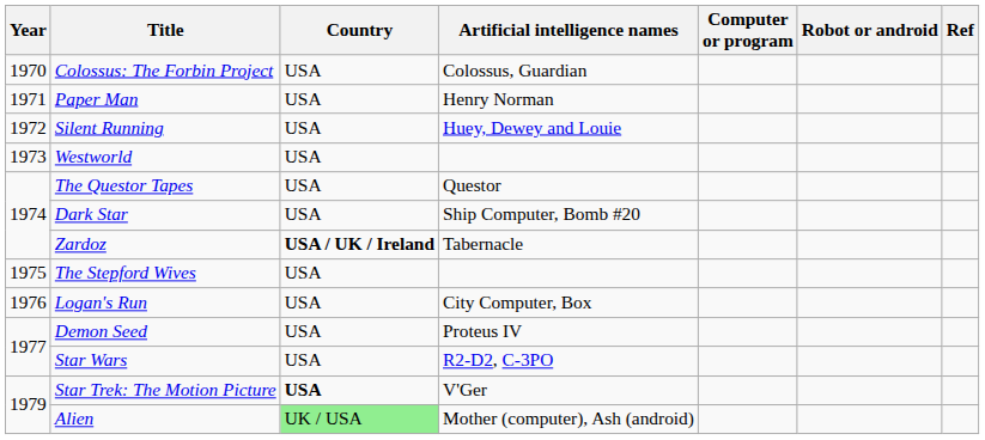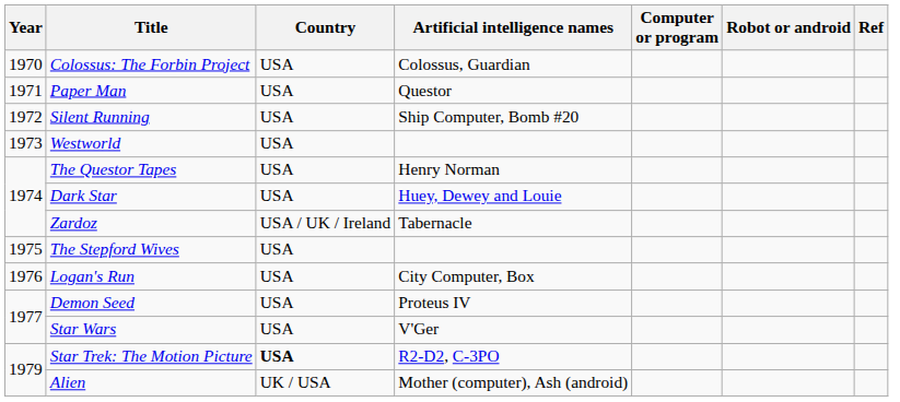 <table class="wikitable sortable mw-datatable">
 <tr>
 <th>Year</th>
 <th>Title</th>
 <th>Country</th>
 <th>Artificial intelligence names</th>
 <th>Computer<br>or program</th>
 <th>Robot or android</th>
 <th>Ref</th>
 </tr>
 <tr>
 <td>1970</td>
 <td><em><a href='#'>Colossus: The Forbin Project</a></em></td>
 <td>USA</td>
 <td>Colossus, Guardian</td>
 <td></td>
 <td></td>
 <td></td>
 </tr>
 <tr>
 <td>1971</td>
 <td><em><a href='#'>Paper Man</a></em></td>
 <td>USA</td>
-<td>Henry Norman</td>
+<td>Questor</td>
 <td></td>
 <td></td>
 <td></td>
 </tr>
 <tr>
 <td>1972</td>
 <td><em><a href='#'>Silent Running</a></em></td>
 <td>USA</td>
-<td><a href='#'>Huey, Dewey and Louie</a></td>
+<td>Ship Computer, Bomb #20</td>
 <td></td>
 <td></td>
 <td></td>
 </tr>
 <tr>
 <td>1973</td>
 <td><em><a href='#'>Westworld</a></em></td>
 <td>USA</td>
 <td></td>
 <td></td>
 <td></td>
 <td></td>
 </tr>
 <tr>
 <td rowspan="3">1974</td>
 <td><em><a href='#'>The Questor Tapes</a></em></td>
 <td>USA</td>
-<td>Questor</td>
+<td>Henry Norman</td>
 <td></td>
 <td></td>
 <td></td>
 </tr>
 <tr>
 <td><em><a href='#'>Dark Star</a></em></td>
 <td>USA</td>
-<td>Ship Computer, Bomb #20</td>
+<td><a href='#'>Huey, Dewey and Louie</a></td>
 <td></td>
 <td></td>
 <td></td>
 </tr>
 <tr>
 <td><em><a href='#'>Zardoz</a></em></td>
-<td><strong>USA / UK / Ireland</strong></td>
+<td>USA / UK / Ireland</td>
 <td>Tabernacle</td>
 <td></td>
 <td></td>
 <td></td>
 </tr>
 <tr>
 <td>1975</td>
 <td><em><a href='#'>The Stepford Wives</a></em></td>
 <td>USA</td>
 <td></td>
 <td></td>
 <td></td>
 <td></td>
 </tr>
 <tr>
 <td>1976</td>
 <td><em><a href='#'>Logan's Run</a></em></td>
 <td>USA</td>
 <td>City Computer, Box</td>
 <td></td>
 <td></td>
 <td></td>
 </tr>
 <tr>
 <td rowspan="2">1977</td>
 <td><em><a href='#'>Demon Seed</a></em></td>
 <td>USA</td>
 <td>Proteus IV</td>
 <td></td>
 <td></td>
 <td></td>
 </tr>
 <tr>
 <td><em><a href='#'>Star Wars</a></em></td>
 <td>USA</td>
-<td><a href='#'>R2-D2</a>, <a href='#'>C-3PO</a></td>
+<td>V'Ger</td>
 <td></td>
 <td></td>
 <td></td>
 </tr>
 <tr>
 <td rowspan="2">1979</td>
 <td><em><a href='#'>Star Trek: The Motion Picture</a></em></td>
 <td><strong>USA</strong></td>
-<td>V'Ger</td>
+<td><a href='#'>R2-D2</a>, <a href='#'>C-3PO</a></td>
 <td></td>
 <td></td>
 <td></td>
 </tr>
 <tr>
 <td><em><a href='#'>Alien</a></em></td>
-<td style="background: lightgreen;">UK / USA</td>
+<td>UK / USA</td>
 <td>Mother (computer), Ash (android)</td>
 <td></td>
 <td></td>
 <td></td>
 </tr>
 </table>
